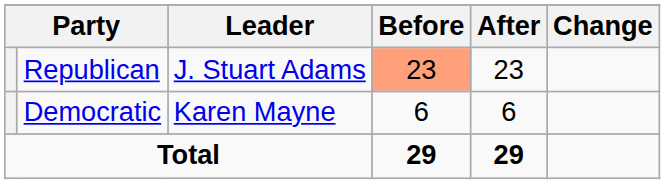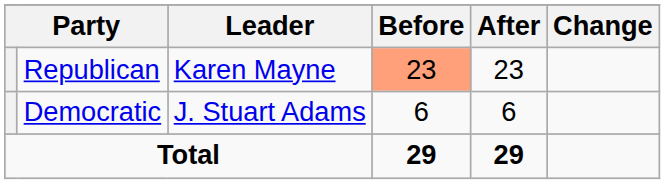 <table class="wikitable" style="text-align:center;">
 <tr>
 </tr>
 <tr>
 <th colspan=2>Party</th>
 <th>Leader</th>
 <th>Before</th>
 <th>After</th>
 <th>Change</th>
 </tr>
 <tr>
 <th style="background-color:"></th>
 <td style="text-align:left;"><a href='#'>Republican</a></td>
-<td style="text-align:left;"><a href='#'>J. Stuart Adams</a></td>
+<td style="text-align:left;"><a href='#'>Karen Mayne</a></td>
 <td style="background: lightsalmon;">23</td>
 <td>23</td>
 <td></td>
 </tr>
 <tr>
 <th style="background-color:"></th>
 <td style="text-align:left;"><a href='#'>Democratic</a></td>
-<td style="text-align:left;"><a href='#'>Karen Mayne</a></td>
+<td style="text-align:left;"><a href='#'>J. Stuart Adams</a></td>
 <td>6</td>
 <td>6</td>
 <td></td>
 </tr>
 <tr>
 <td colspan=3><strong>Total</strong></td>
 <td><strong>29</strong></td>
 <td><strong>29</strong></td>
 <td></td>
 </tr>
 </table>
